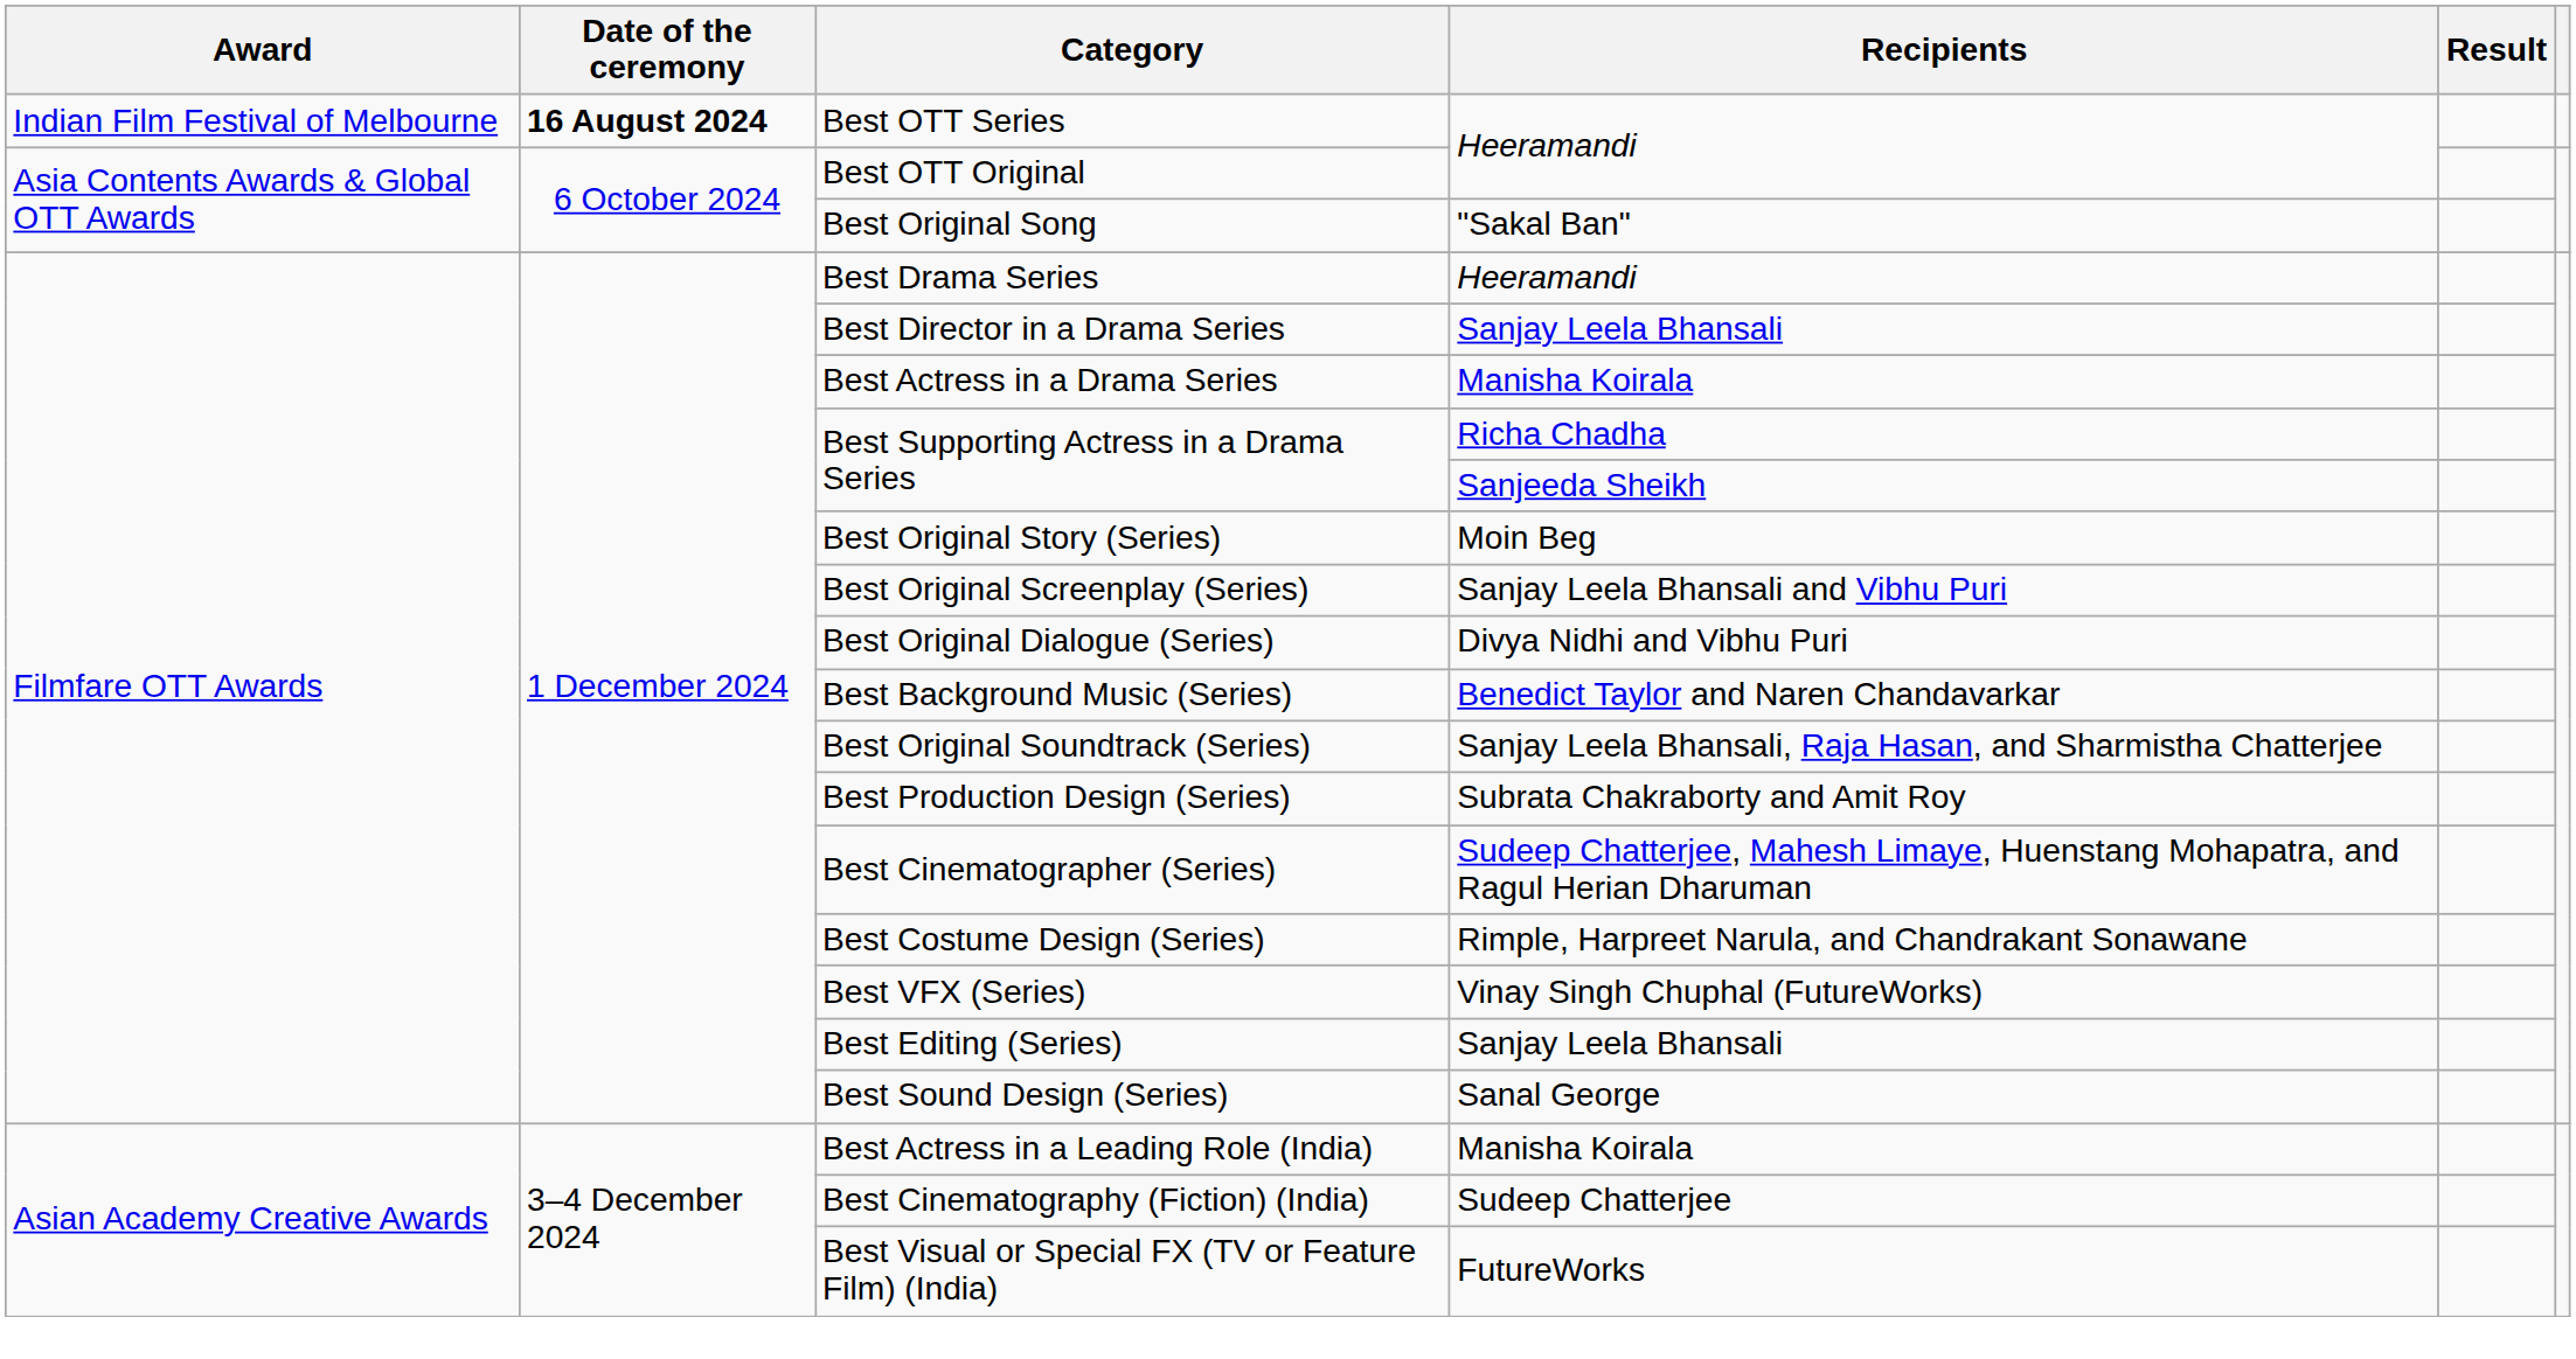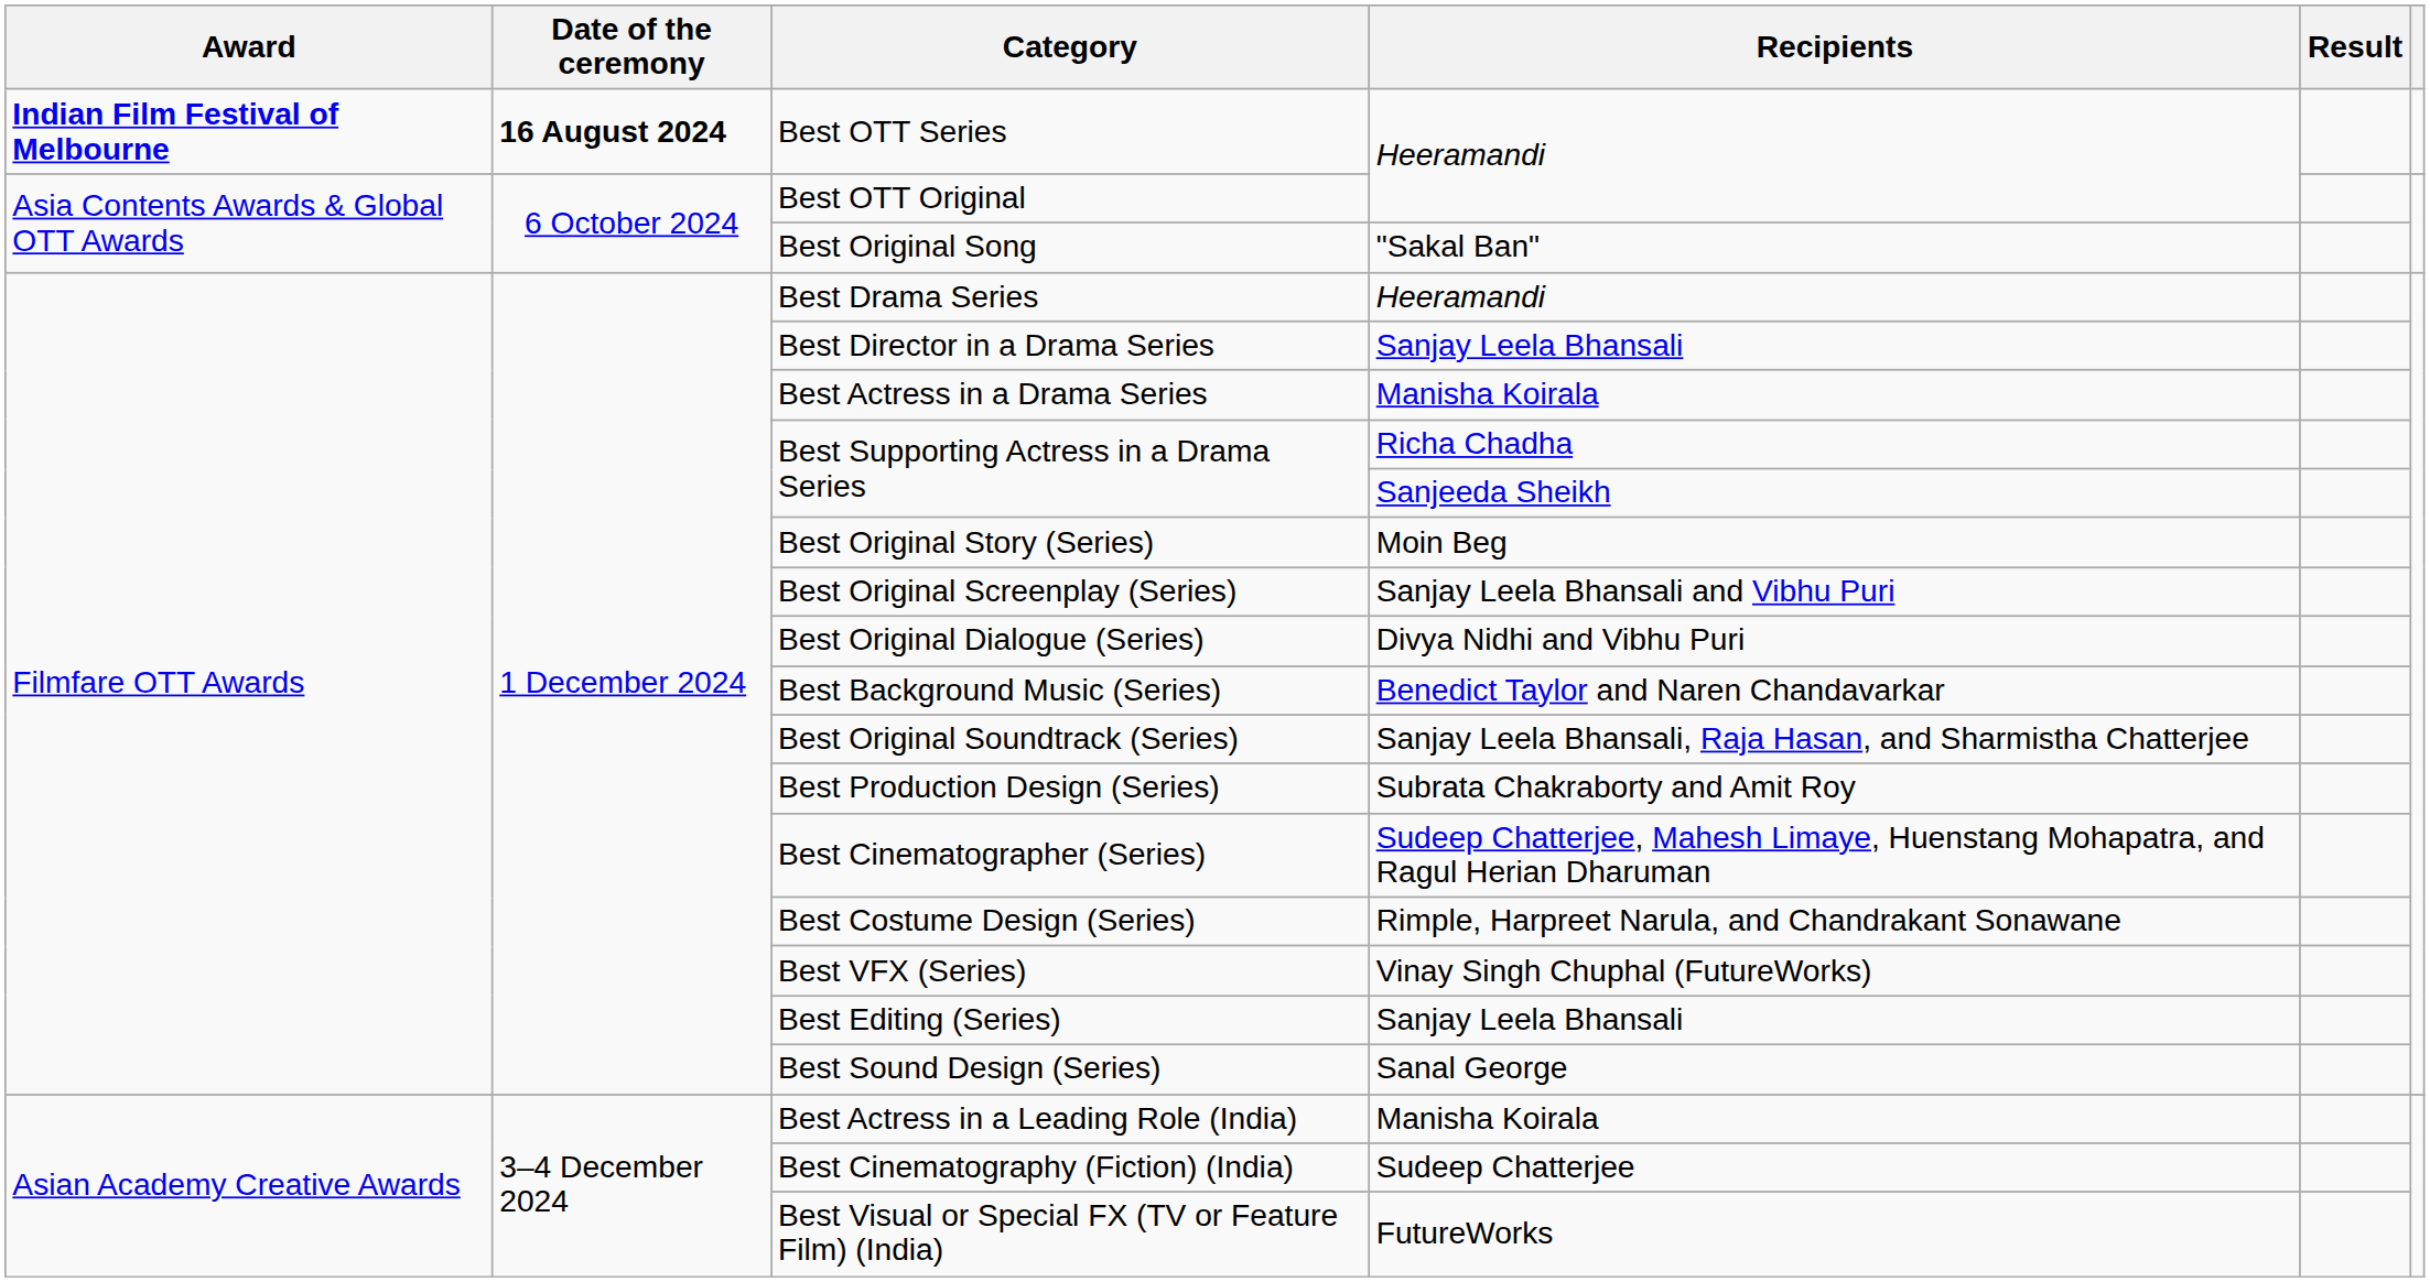 <table class="wikitable plainrowheaders sortable">
 <tr>
 <th scope="col">Award</th>
 <th scope="col">Date of the ceremony</th>
 <th scope="col">Category</th>
 <th scope="col">Recipients</th>
 <th scope="col">Result</th>
 <th scope="col" class="unsortable"></th>
 </tr>
 <tr>
-<td><a href='#'>Indian Film Festival of Melbourne</a></td>
+<td><strong><a href='#'>Indian Film Festival of Melbourne</a></strong></td>
 <td><strong>16 August 2024</strong></td>
 <td>Best OTT Series</td>
 <td rowspan="2"><em>Heeramandi</em></td>
 <td></td>
 <td></td>
 </tr>
 <tr>
 <td rowspan="2" scope="row"><a href='#'>Asia Contents Awards & Global OTT Awards</a></td>
 <td rowspan="2" style="text-align:center"><a href='#'>6 October 2024</a></td>
 <td>Best OTT Original</td>
 <td></td>
 <td rowspan="2" style="text-align:center"></td>
 </tr>
 <tr>
 <td>Best Original Song</td>
 <td>"Sakal Ban"</td>
 <td></td>
 </tr>
 <tr>
 <td rowspan="16"><a href='#'>Filmfare OTT Awards</a></td>
 <td rowspan="16"><a href='#'>1 December 2024</a></td>
 <td>Best Drama Series</td>
 <td><em>Heeramandi</em></td>
 <td></td>
 <td rowspan="16"></td>
 </tr>
 <tr>
 <td>Best Director in a Drama Series</td>
 <td><a href='#'>Sanjay Leela Bhansali</a></td>
 <td></td>
 </tr>
 <tr>
 <td>Best Actress in a Drama Series</td>
 <td><a href='#'>Manisha Koirala</a></td>
 <td></td>
 </tr>
 <tr>
 <td rowspan="2">Best Supporting Actress in a Drama Series</td>
 <td><a href='#'>Richa Chadha</a></td>
 <td></td>
 </tr>
 <tr>
 <td><a href='#'>Sanjeeda Sheikh</a></td>
 <td></td>
 </tr>
 <tr>
 <td>Best Original Story (Series)</td>
 <td>Moin Beg</td>
 <td></td>
 </tr>
 <tr>
 <td>Best Original Screenplay (Series)</td>
 <td>Sanjay Leela Bhansali and <a href='#'>Vibhu Puri</a></td>
 <td></td>
 </tr>
 <tr>
 <td>Best Original Dialogue (Series)</td>
 <td>Divya Nidhi and Vibhu Puri</td>
 <td></td>
 </tr>
 <tr>
 <td>Best Background Music (Series)</td>
 <td><a href='#'>Benedict Taylor</a> and Naren Chandavarkar</td>
 <td></td>
 </tr>
 <tr>
 <td>Best Original Soundtrack (Series)</td>
 <td>Sanjay Leela Bhansali, <a href='#'>Raja Hasan</a>, and Sharmistha Chatterjee</td>
 <td></td>
 </tr>
 <tr>
 <td>Best Production Design (Series)</td>
 <td>Subrata Chakraborty and Amit Roy</td>
 <td></td>
 </tr>
 <tr>
 <td>Best Cinematographer (Series)</td>
 <td><a href='#'>Sudeep Chatterjee</a>, <a href='#'>Mahesh Limaye</a>, Huenstang Mohapatra, and Ragul Herian Dharuman</td>
 <td></td>
 </tr>
 <tr>
 <td>Best Costume Design (Series)</td>
 <td>Rimple, Harpreet Narula, and Chandrakant Sonawane</td>
 <td></td>
 </tr>
 <tr>
 <td>Best VFX (Series)</td>
 <td>Vinay Singh Chuphal (FutureWorks)</td>
 <td></td>
 </tr>
 <tr>
 <td>Best Editing (Series)</td>
 <td>Sanjay Leela Bhansali</td>
 <td></td>
 </tr>
 <tr>
 <td>Best Sound Design (Series)</td>
 <td>Sanal George</td>
 <td></td>
 </tr>
 <tr>
 <td rowspan="3"><a href='#'>Asian Academy Creative Awards</a></td>
 <td rowspan="3">3–4 December 2024</td>
 <td>Best Actress in a Leading Role (India)</td>
 <td>Manisha Koirala</td>
 <td></td>
 <td rowspan="3"></td>
 </tr>
 <tr>
 <td>Best Cinematography (Fiction) (India)</td>
 <td>Sudeep Chatterjee</td>
 <td></td>
 </tr>
 <tr>
 <td>Best Visual or Special FX (TV or Feature Film) (India)</td>
 <td FutureWorks>FutureWorks</td>
 <td></td>
 </tr>
 </table>
